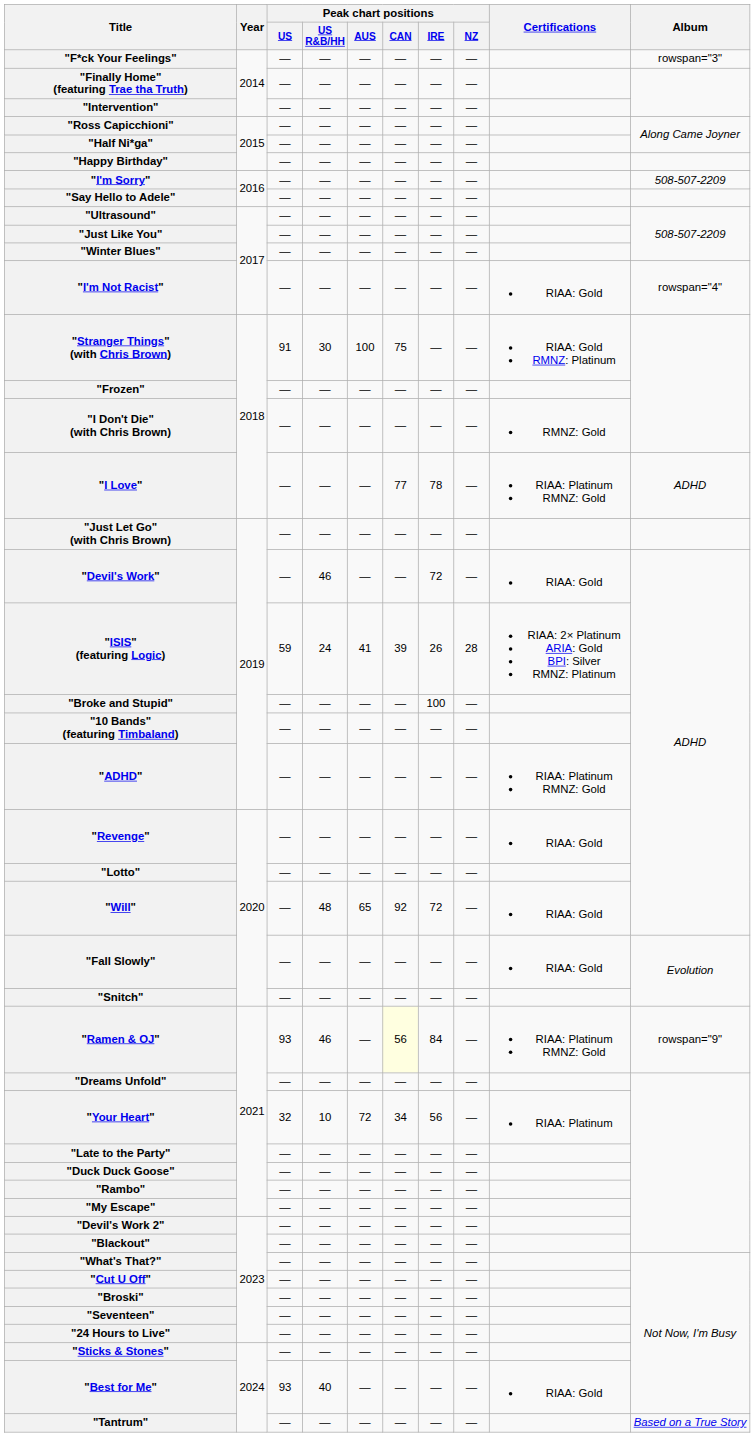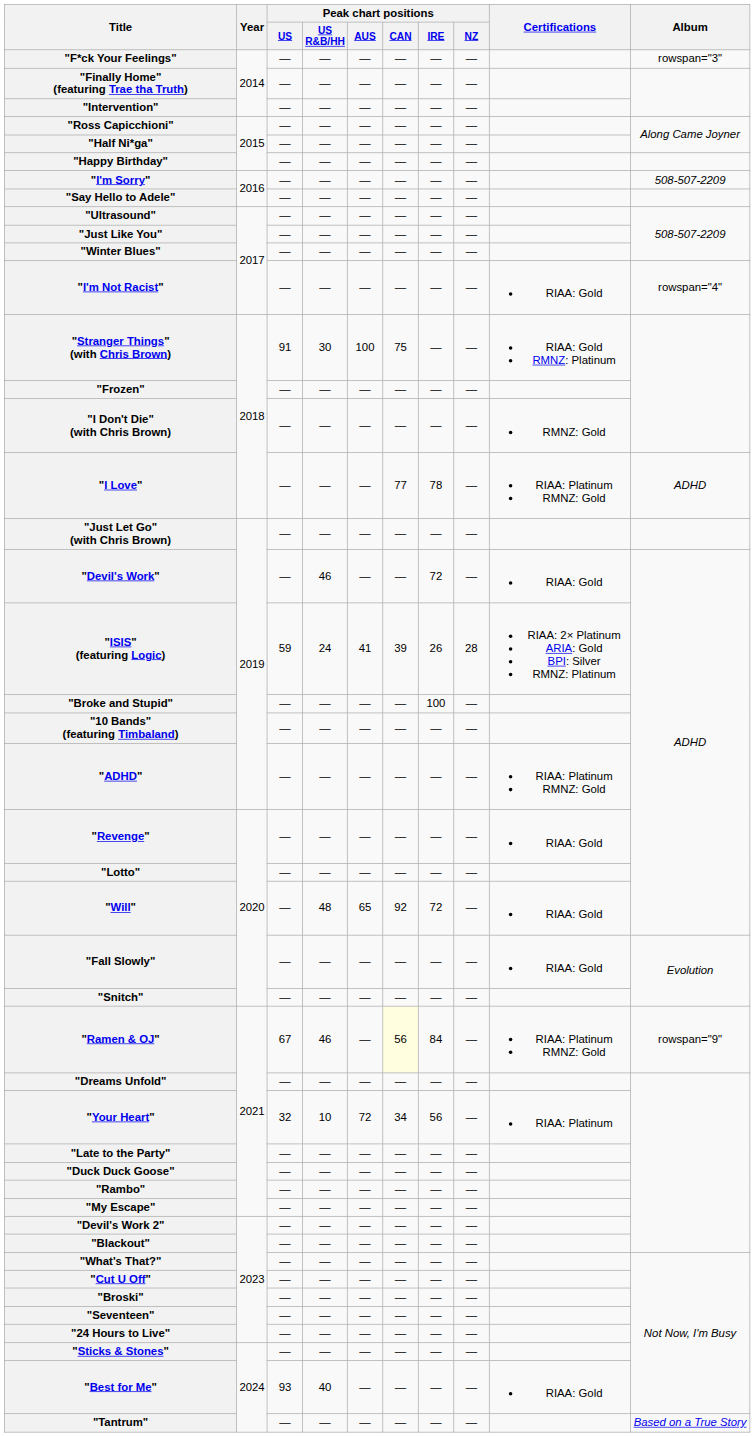 <table class="wikitable plainrowheaders" style="text-align:center">
 <tr>
 <th scope="col" rowspan="2" style="width:20em;">Title</th>
 <th scope="col" rowspan="2" style="width:1em;">Year</th>
 <th scope="col" colspan="6">Peak chart positions</th>
 <th scope="col" rowspan="2" style="width:12em;"><a href='#'>Certifications</a></th>
 <th scope="col" rowspan="2" style="width:10em;">Album</th>
 </tr>
 <tr>
 <th scope="col" style="width:3em;font-size:90%;"><a href='#'>US</a><br></th>
 <th scope="col" style="width:3em;font-size:90%;"><a href='#'>US<br>R&B/HH</a><br></th>
 <th scope="col" style="width:3em;font-size:90%;"><a href='#'>AUS</a><br></th>
 <th scope="col" style="width:3em;font-size:90%;"><a href='#'>CAN</a><br></th>
 <th scope="col" style="width:3em;font-size:90%;"><a href='#'>IRE</a><br></th>
 <th style="width:3em; font-size:90%"><a href='#'>NZ</a><br></th>
 </tr>
 <tr>
 <th scope="row">"F*ck Your Feelings"</th>
 <td rowspan="3">2014</td>
 <td>—</td>
 <td>—</td>
 <td>—</td>
 <td>—</td>
 <td>—</td>
 <td>—</td>
 <td></td>
 <td>rowspan="3" </td>
 </tr>
 <tr>
 <th scope="row">"Finally Home"<br><span>(featuring <a href='#'>Trae tha Truth</a>)</span></th>
 <td>—</td>
 <td>—</td>
 <td>—</td>
 <td>—</td>
 <td>—</td>
 <td>—</td>
 <td></td>
 </tr>
 <tr>
 <th scope="row">"Intervention"</th>
 <td>—</td>
 <td>—</td>
 <td>—</td>
 <td>—</td>
 <td>—</td>
 <td>—</td>
 <td></td>
 </tr>
 <tr>
 <th scope="row">"Ross Capicchioni"</th>
 <td rowspan="3">2015</td>
 <td>—</td>
 <td>—</td>
 <td>—</td>
 <td>—</td>
 <td>—</td>
 <td>—</td>
 <td></td>
 <td rowspan="2"><em>Along Came Joyner</em></td>
 </tr>
 <tr>
 <th scope="row">"Half Ni*ga"</th>
 <td>—</td>
 <td>—</td>
 <td>—</td>
 <td>—</td>
 <td>—</td>
 <td>—</td>
 <td></td>
 </tr>
 <tr>
 <th scope="row">"Happy Birthday"</th>
 <td>—</td>
 <td>—</td>
 <td>—</td>
 <td>—</td>
 <td>—</td>
 <td>—</td>
 <td></td>
 <td></td>
 </tr>
 <tr>
 <th scope="row">"<a href='#'>I'm Sorry</a>"</th>
 <td rowspan="2">2016</td>
 <td>—</td>
 <td>—</td>
 <td>—</td>
 <td>—</td>
 <td>—</td>
 <td>—</td>
 <td></td>
 <td><em>508-507-2209</em></td>
 </tr>
 <tr>
 <th scope="row">"Say Hello to Adele"</th>
 <td>—</td>
 <td>—</td>
 <td>—</td>
 <td>—</td>
 <td>—</td>
 <td>—</td>
 <td></td>
 <td></td>
 </tr>
 <tr>
 <th scope="row">"Ultrasound"</th>
 <td rowspan="4">2017</td>
 <td>—</td>
 <td>—</td>
 <td>—</td>
 <td>—</td>
 <td>—</td>
 <td>—</td>
 <td></td>
 <td rowspan="3"><em>508-507-2209</em></td>
 </tr>
 <tr>
 <th scope="row">"Just Like You"</th>
 <td>—</td>
 <td>—</td>
 <td>—</td>
 <td>—</td>
 <td>—</td>
 <td>—</td>
 <td></td>
 </tr>
 <tr>
 <th scope="row">"Winter Blues"</th>
 <td>—</td>
 <td>—</td>
 <td>—</td>
 <td>—</td>
 <td>—</td>
 <td>—</td>
 <td></td>
 </tr>
 <tr>
 <th scope="row">"<a href='#'>I'm Not Racist</a>"</th>
 <td>—</td>
 <td>—</td>
 <td>—</td>
 <td>—</td>
 <td>—</td>
 <td>—</td>
 <td><br><ul><li>RIAA: Gold</li></ul></td>
 <td>rowspan="4" </td>
 </tr>
 <tr>
 <th scope="row">"<a href='#'>Stranger Things</a>"<br><span>(with <a href='#'>Chris Brown</a>)</span></th>
 <td rowspan="4">2018</td>
 <td>91</td>
 <td>30</td>
 <td>100</td>
 <td>75</td>
 <td>—</td>
 <td>—</td>
 <td><br><ul><li>RIAA: Gold</li><li><a href='#'>RMNZ</a>: Platinum</li></ul></td>
 </tr>
 <tr>
 <th scope="row">"Frozen"</th>
 <td>—</td>
 <td>—</td>
 <td>—</td>
 <td>—</td>
 <td>—</td>
 <td>—</td>
 <td></td>
 </tr>
 <tr>
 <th scope="row">"I Don't Die"<br><span>(with Chris Brown)</span></th>
 <td>—</td>
 <td>—</td>
 <td>—</td>
 <td>—</td>
 <td>—</td>
 <td>—</td>
 <td><br><ul><li>RMNZ: Gold</li></ul></td>
 </tr>
 <tr>
 <th scope="row">"<a href='#'>I Love</a>"</th>
 <td>—</td>
 <td>—</td>
 <td>—</td>
 <td>77</td>
 <td>78</td>
 <td>—</td>
 <td><br><ul><li>RIAA: Platinum</li><li>RMNZ: Gold</li></ul></td>
 <td><em>ADHD</em></td>
 </tr>
 <tr>
 <th scope="row">"Just Let Go"<br><span>(with Chris Brown)</span></th>
 <td rowspan="6">2019</td>
 <td>—</td>
 <td>—</td>
 <td>—</td>
 <td>—</td>
 <td>—</td>
 <td>—</td>
 <td></td>
 <td></td>
 </tr>
 <tr>
 <th scope="row">"<a href='#'>Devil's Work</a>"</th>
 <td>—</td>
 <td>46</td>
 <td>—</td>
 <td>—</td>
 <td>72<br></td>
 <td>—</td>
 <td><br><ul><li>RIAA: Gold</li></ul></td>
 <td rowspan="8"><em>ADHD</em></td>
 </tr>
 <tr>
 <th scope="row">"<a href='#'>ISIS</a>" <br><span>(featuring <a href='#'>Logic</a>)</span></th>
 <td>59</td>
 <td>24</td>
 <td>41</td>
 <td>39</td>
 <td>26</td>
 <td>28</td>
 <td><br><ul><li>RIAA: 2× Platinum</li><li><a href='#'>ARIA</a>: Gold</li><li><a href='#'>BPI</a>: Silver</li><li>RMNZ: Platinum</li></ul></td>
 </tr>
 <tr>
 <th scope="row">"Broke and Stupid"</th>
 <td>—</td>
 <td>—</td>
 <td>—</td>
 <td>—</td>
 <td>100</td>
 <td>—</td>
 <td></td>
 </tr>
 <tr>
 <th scope="row">"10 Bands"<br><span>(featuring <a href='#'>Timbaland</a>)</span></th>
 <td>—</td>
 <td>—</td>
 <td>—</td>
 <td>—</td>
 <td>—</td>
 <td>—</td>
 <td></td>
 </tr>
 <tr>
 <th scope="row">"<a href='#'>ADHD</a>"</th>
 <td>—</td>
 <td>—</td>
 <td>—</td>
 <td>—</td>
 <td>—</td>
 <td>—</td>
 <td><br><ul><li>RIAA: Platinum</li><li>RMNZ: Gold</li></ul></td>
 </tr>
 <tr>
 <th scope="row">"<a href='#'>Revenge</a>"</th>
 <td rowspan="5">2020</td>
 <td>—</td>
 <td>—</td>
 <td>—</td>
 <td>—</td>
 <td>—</td>
 <td>—</td>
 <td><br><ul><li>RIAA: Gold</li></ul></td>
 </tr>
 <tr>
 <th scope="row">"Lotto"<br></th>
 <td>—</td>
 <td>—</td>
 <td>—</td>
 <td>—</td>
 <td>—</td>
 <td>—</td>
 <td></td>
 </tr>
 <tr>
 <th scope="row">"<a href='#'>Will</a>"<br></th>
 <td>—</td>
 <td>48</td>
 <td>65</td>
 <td>92</td>
 <td>72</td>
 <td>—</td>
 <td><br><ul><li>RIAA: Gold</li></ul></td>
 </tr>
 <tr>
 <th scope="row">"Fall Slowly"<br></th>
 <td>—</td>
 <td>—</td>
 <td>—</td>
 <td>—</td>
 <td>—</td>
 <td>—</td>
 <td><br><ul><li>RIAA: Gold</li></ul></td>
 <td rowspan="2"><em>Evolution</em></td>
 </tr>
 <tr>
 <th scope="row">"Snitch"</th>
 <td>—</td>
 <td>—</td>
 <td>—</td>
 <td>—</td>
 <td>—</td>
 <td>—</td>
 <td></td>
 </tr>
 <tr>
 <th scope="row">"<a href='#'>Ramen & OJ</a>"<br></th>
 <td rowspan="7">2021</td>
-<td>93</td>
+<td>67</td>
 <td>46</td>
 <td>—</td>
 <td style="background: lightyellow;">56</td>
 <td>84</td>
 <td>—</td>
 <td><br><ul><li>RIAA: Platinum</li><li>RMNZ: Gold</li></ul></td>
 <td>rowspan="9" </td>
 </tr>
 <tr>
 <th scope="row">"Dreams Unfold"<br></th>
 <td>—</td>
 <td>—</td>
 <td>—</td>
 <td>—</td>
 <td>—</td>
 <td>—</td>
 <td></td>
 </tr>
 <tr>
 <th scope="row">"<a href='#'>Your Heart</a>"<br></th>
 <td>32</td>
 <td>10</td>
 <td>72</td>
 <td>34</td>
 <td>56<br></td>
 <td>—</td>
 <td><br><ul><li>RIAA: Platinum</li></ul></td>
 </tr>
 <tr>
 <th scope="row">"Late to the Party"<br></th>
 <td>—</td>
 <td>—</td>
 <td>—</td>
 <td>—</td>
 <td>—</td>
 <td>—</td>
 <td></td>
 </tr>
 <tr>
 <th scope="row">"Duck Duck Goose"</th>
 <td>—</td>
 <td>—</td>
 <td>—</td>
 <td>—</td>
 <td>—</td>
 <td>—</td>
 <td></td>
 </tr>
 <tr>
 <th scope="row">"Rambo"<br></th>
 <td>—</td>
 <td>—</td>
 <td>—</td>
 <td>—</td>
 <td>—</td>
 <td>—</td>
 <td></td>
 </tr>
 <tr>
 <th scope="row">"My Escape"</th>
 <td>—</td>
 <td>—</td>
 <td>—</td>
 <td>—</td>
 <td>—</td>
 <td>—</td>
 <td></td>
 </tr>
 <tr>
 <th scope="row">"Devil's Work 2"</th>
 <td rowspan="7">2023</td>
 <td>—</td>
 <td>—</td>
 <td>—</td>
 <td>—</td>
 <td>—</td>
 <td>—</td>
 <td></td>
 </tr>
 <tr>
 <th scope="row">"Blackout"<br></th>
 <td>—</td>
 <td>—</td>
 <td>—</td>
 <td>—</td>
 <td>—</td>
 <td>—</td>
 <td></td>
 </tr>
 <tr>
 <th scope="row">"What's That?"</th>
 <td>—</td>
 <td>—</td>
 <td>—</td>
 <td>—</td>
 <td>—</td>
 <td>—</td>
 <td></td>
 <td rowspan="7"><em>Not Now, I'm Busy</em></td>
 </tr>
 <tr>
 <th scope="row">"<a href='#'>Cut U Off</a>"<br></th>
 <td>—</td>
 <td>—</td>
 <td>—</td>
 <td>—</td>
 <td>—</td>
 <td>—</td>
 <td></td>
 </tr>
 <tr>
 <th scope="row">"Broski"</th>
 <td>—</td>
 <td>—</td>
 <td>—</td>
 <td>—</td>
 <td>—</td>
 <td>—</td>
 <td></td>
 </tr>
 <tr>
 <th scope="row">"Seventeen"</th>
 <td>—</td>
 <td>—</td>
 <td>—</td>
 <td>—</td>
 <td>—</td>
 <td>—</td>
 <td></td>
 </tr>
 <tr>
 <th scope="row">"24 Hours to Live"</th>
 <td>—</td>
 <td>—</td>
 <td>—</td>
 <td>—</td>
 <td>—</td>
 <td>—</td>
 <td></td>
 </tr>
 <tr>
 <th scope="row">"<a href='#'>Sticks & Stones</a>"<br></th>
 <td rowspan="3">2024</td>
 <td>—</td>
 <td>—</td>
 <td>—</td>
 <td>—</td>
 <td>—</td>
 <td>—</td>
 <td></td>
 </tr>
 <tr>
 <th scope="row">"<a href='#'>Best for Me</a>"<br></th>
 <td>93</td>
 <td>40</td>
 <td>—</td>
 <td>—</td>
 <td>—</td>
 <td>—</td>
 <td><br><ul><li>RIAA: Gold</li></ul></td>
 </tr>
 <tr>
 <th scope="row">"Tantrum"<br></th>
 <td>—</td>
 <td>—</td>
 <td>—</td>
 <td>—</td>
 <td>—</td>
 <td>—</td>
 <td></td>
 <td><em><a href='#'>Based on a True Story</a></em></td>
 </tr>
 </table>
